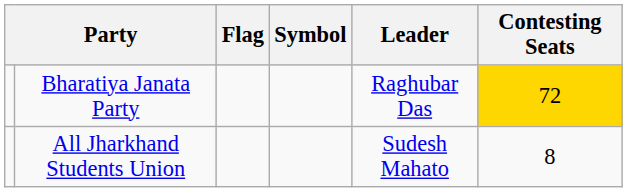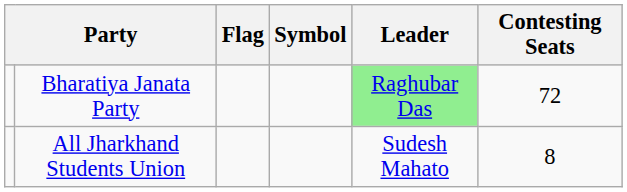 <table class="wikitable " width="50%" style="text-align:center">
 <tr>
 <th colspan="2">Party</th>
 <th>Flag</th>
 <th>Symbol</th>
 <th>Leader</th>
 <th>Contesting Seats</th>
 </tr>
 <tr>
 <td></td>
 <td><a href='#'>Bharatiya Janata Party</a></td>
 <td></td>
 <td></td>
-<td><a href='#'>Raghubar Das</a></td>
-<td style="background: gold;">72</td>
+<td style="background: lightgreen;"><a href='#'>Raghubar Das</a></td>
+<td>72</td>
 </tr>
 <tr>
 <td></td>
 <td><a href='#'>All Jharkhand Students Union</a></td>
 <td></td>
 <td></td>
 <td><a href='#'>Sudesh Mahato</a></td>
 <td>8</td>
 </tr>
 </table>
